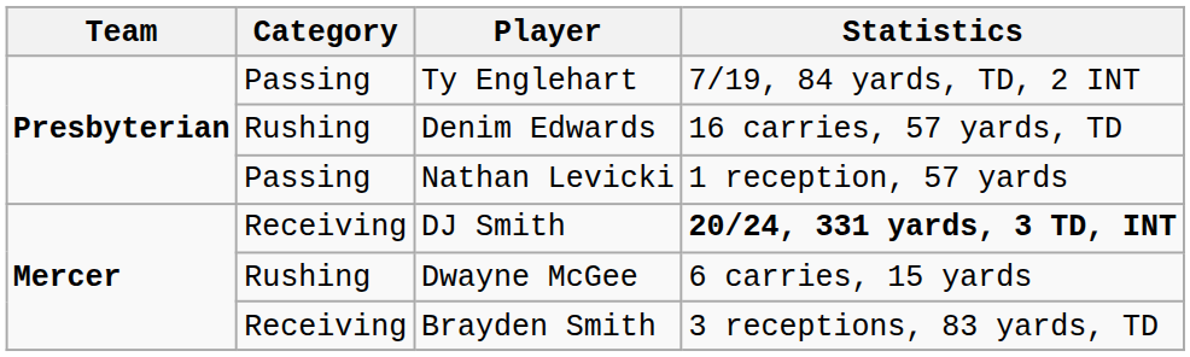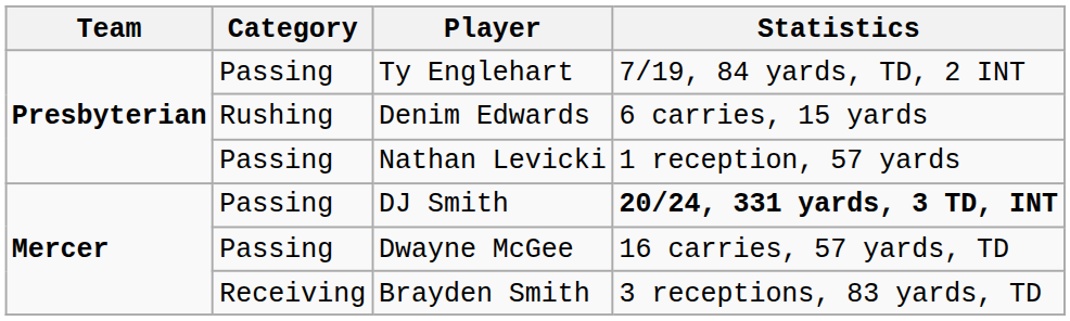 <table class="wikitable" style="float: right;">
 <tr>
 <th>Team</th>
 <th>Category</th>
 <th>Player</th>
 <th>Statistics</th>
 </tr>
 <tr>
 <td rowspan=3><strong>Presbyterian</strong></td>
 <td>Passing</td>
 <td>Ty Englehart</td>
 <td>7/19, 84 yards, TD, 2 INT</td>
 </tr>
 <tr>
 <td>Rushing</td>
 <td>Denim Edwards</td>
-<td>16 carries, 57 yards, TD</td>
+<td>6 carries, 15 yards</td>
 </tr>
 <tr>
 <td>Passing</td>
 <td>Nathan Levicki</td>
 <td>1 reception, 57 yards</td>
 </tr>
 <tr>
 <td rowspan=3><strong>Mercer</strong></td>
-<td>Receiving</td>
+<td>Passing</td>
 <td>DJ Smith</td>
 <td><strong>20/24, 331 yards, 3 TD, INT</strong></td>
 </tr>
 <tr>
-<td>Rushing</td>
+<td>Passing</td>
 <td>Dwayne McGee</td>
-<td>6 carries, 15 yards</td>
+<td>16 carries, 57 yards, TD</td>
 </tr>
 <tr>
 <td>Receiving</td>
 <td>Brayden Smith</td>
 <td>3 receptions, 83 yards, TD</td>
 </tr>
 </table>
